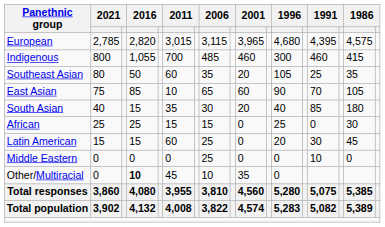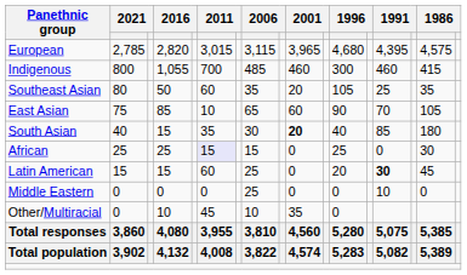 <table class="wikitable collapsible sortable">
 <tr>
 <th rowspan="2"><a href='#'>Panethnic</a><br>group</th>
 <th colspan="2">2021</th>
 <th colspan="2">2016</th>
 <th colspan="2">2011</th>
 <th colspan="2">2006</th>
 <th colspan="2">2001</th>
 <th colspan="2">1996</th>
 <th colspan="2">1991</th>
 <th colspan="2">1986</th>
 </tr>
 <tr>
 <th><a href='#'></a></th>
 <th></th>
 <th></th>
 <th></th>
 <th></th>
 <th></th>
 <th></th>
 <th></th>
 <th></th>
 <th></th>
 <th></th>
 <th></th>
 <th></th>
 <th></th>
 <th></th>
 <th></th>
 </tr>
 <tr>
 <td><a href='#'>European</a></td>
 <td>2,785</td>
 <td></td>
 <td>2,820</td>
 <td></td>
 <td>3,015</td>
 <td></td>
 <td>3,115</td>
 <td></td>
 <td>3,965</td>
 <td></td>
 <td>4,680</td>
 <td></td>
 <td>4,395</td>
 <td></td>
 <td>4,575</td>
 <td></td>
 </tr>
 <tr>
 <td><a href='#'>Indigenous</a></td>
 <td>800</td>
 <td></td>
 <td>1,055</td>
 <td></td>
 <td>700</td>
 <td></td>
 <td>485</td>
 <td></td>
 <td>460</td>
 <td></td>
 <td>300</td>
 <td></td>
 <td>460</td>
 <td></td>
 <td>415</td>
 <td></td>
 </tr>
 <tr>
 <td><a href='#'>Southeast Asian</a></td>
 <td>80</td>
 <td></td>
 <td>50</td>
 <td></td>
 <td>60</td>
 <td></td>
 <td>35</td>
 <td></td>
 <td>20</td>
 <td></td>
 <td>105</td>
 <td></td>
 <td>25</td>
 <td></td>
 <td>35</td>
 <td></td>
 </tr>
 <tr>
 <td><a href='#'>East Asian</a></td>
 <td>75</td>
 <td></td>
 <td>85</td>
 <td></td>
 <td>10</td>
 <td></td>
 <td>65</td>
 <td></td>
 <td>60</td>
 <td></td>
 <td>90</td>
 <td></td>
 <td>70</td>
 <td></td>
 <td>105</td>
 <td></td>
 </tr>
 <tr>
 <td><a href='#'>South Asian</a></td>
 <td>40</td>
 <td></td>
 <td>15</td>
 <td></td>
 <td>35</td>
 <td></td>
 <td>30</td>
 <td></td>
-<td>20</td>
+<td><strong>20</strong></td>
 <td></td>
 <td>40</td>
 <td></td>
 <td>85</td>
 <td></td>
 <td>180</td>
 <td></td>
 </tr>
 <tr>
 <td><a href='#'>African</a></td>
 <td>25</td>
 <td></td>
 <td>25</td>
 <td></td>
-<td>15</td>
+<td style="background: lavender;">15</td>
 <td></td>
 <td>15</td>
 <td></td>
 <td>0</td>
 <td></td>
 <td>25</td>
 <td></td>
 <td>0</td>
 <td></td>
 <td>30</td>
 <td></td>
 </tr>
 <tr>
 <td><a href='#'>Latin American</a></td>
 <td>15</td>
 <td></td>
 <td>15</td>
 <td></td>
 <td>60</td>
 <td></td>
 <td>25</td>
 <td></td>
 <td>0</td>
 <td></td>
 <td>20</td>
 <td></td>
-<td>30</td>
+<td><strong>30</strong></td>
 <td></td>
 <td>45</td>
 <td></td>
 </tr>
 <tr>
 <td><a href='#'>Middle Eastern</a></td>
 <td>0</td>
 <td></td>
 <td>0</td>
 <td></td>
 <td>0</td>
 <td></td>
 <td>25</td>
 <td></td>
 <td>0</td>
 <td></td>
 <td>0</td>
 <td></td>
 <td>10</td>
 <td></td>
 <td>0</td>
 <td></td>
 </tr>
 <tr>
 <td>Other/<a href='#'>Multiracial</a></td>
 <td>0</td>
 <td></td>
-<td><strong>10</strong></td>
+<td>10</td>
 <td></td>
 <td>45</td>
 <td></td>
 <td>10</td>
 <td></td>
 <td>35</td>
 <td></td>
 <td>0</td>
 <td></td>
 <td></td>
 <td></td>
 <td></td>
 <td></td>
 </tr>
 <tr>
 <th>Total responses</th>
 <th>3,860</th>
 <th></th>
 <th>4,080</th>
 <th></th>
 <th>3,955</th>
 <th></th>
 <th>3,810</th>
 <th></th>
 <th>4,560</th>
 <th></th>
 <th>5,280</th>
 <th></th>
 <th>5,075</th>
 <th></th>
 <th>5,385</th>
 <th></th>
 </tr>
 <tr>
 <th>Total population</th>
 <th>3,902</th>
 <th></th>
 <th>4,132</th>
 <th></th>
 <th>4,008</th>
 <th></th>
 <th>3,822</th>
 <th></th>
 <th>4,574</th>
 <th></th>
 <th>5,283</th>
 <th></th>
 <th>5,082</th>
 <th></th>
 <th>5,389</th>
 <th></th>
 </tr>
 <tr class="sortbottom">
 <td colspan="20"></td>
 </tr>
 </table>
